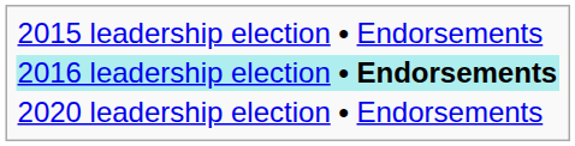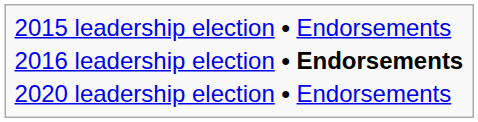 <table class="infobox">
 <tr>
 <td><a href='#'>2015 leadership election</a> <strong>•</strong> <a href='#'>Endorsements</a></td>
 </tr>
 <tr>
-<td style="background: paleturquoise;"><a href='#'>2016 leadership election</a> <strong>•</strong> <strong>Endorsements</strong></td>
+<td><a href='#'>2016 leadership election</a> <strong>•</strong> <strong>Endorsements</strong></td>
 </tr>
 <tr>
 <td><a href='#'>2020 leadership election</a> <strong>•</strong> <a href='#'>Endorsements</a></td>
 </tr>
 </table>
